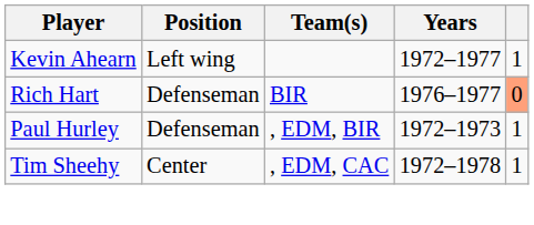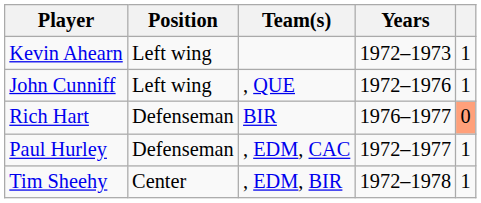 <table class="wikitable sortable">
 <tr>
 <th>Player</th>
 <th>Position</th>
 <th>Team(s)</th>
 <th>Years</th>
 <th><a href='#'></a></th>
 </tr>
 <tr>
 <td><a href='#'>Kevin Ahearn</a></td>
 <td>Left wing</td>
 <td><span><strong></strong></span></td>
-<td>1972–1977</td>
+<td>1972–1973</td>
+<td>1</td>
+</tr>
+<tr>
+<td><a href='#'>John Cunniff</a></td>
+<td>Left wing</td>
+<td><span><strong></strong></span>, <a href='#'>QUE</a></td>
+<td>1972–1976</td>
 <td>1</td>
 </tr>
 <tr>
 <td><a href='#'>Rich Hart</a></td>
 <td>Defenseman</td>
 <td><a href='#'>BIR</a></td>
 <td>1976–1977</td>
 <td style="background: lightsalmon;">0</td>
 </tr>
 <tr>
 <td><a href='#'>Paul Hurley</a></td>
 <td>Defenseman</td>
-<td><span><strong></strong></span>, <a href='#'>EDM</a>, <a href='#'>BIR</a></td>
-<td>1972–1973</td>
+<td><span><strong></strong></span>, <a href='#'>EDM</a>, <a href='#'>CAC</a></td>
+<td>1972–1977</td>
 <td>1</td>
 </tr>
 <tr>
 <td><a href='#'>Tim Sheehy</a></td>
 <td>Center</td>
-<td><span><strong></strong></span>, <a href='#'>EDM</a>, <a href='#'>CAC</a></td>
+<td><span><strong></strong></span>, <a href='#'>EDM</a>, <a href='#'>BIR</a></td>
 <td>1972–1978</td>
 <td>1</td>
 </tr>
 </table>
